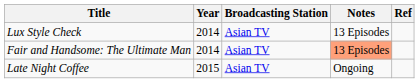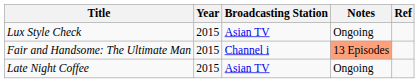 <table class="wikitable">
 <tr>
 <th>Title</th>
 <th>Year</th>
 <th>Broadcasting Station</th>
 <th>Notes</th>
 <th>Ref</th>
 </tr>
 <tr>
 <td><em>Lux Style Check</em></td>
-<td>2014</td>
+<td>2015</td>
 <td><a href='#'>Asian TV</a></td>
-<td>13 Episodes</td>
+<td>Ongoing</td>
 <td></td>
 </tr>
 <tr>
 <td><em>Fair and Handsome: The Ultimate Man</em></td>
-<td>2014</td>
-<td><a href='#'>Asian TV</a></td>
+<td>2015</td>
+<td><a href='#'>Channel i</a></td>
 <td style="background: lightsalmon;">13 Episodes</td>
 <td></td>
 </tr>
 <tr>
 <td><em>Late Night Coffee</em></td>
 <td>2015</td>
 <td><a href='#'>Asian TV</a></td>
 <td>Ongoing</td>
 <td></td>
 </tr>
 </table>
